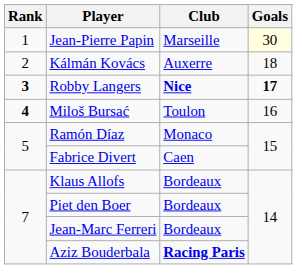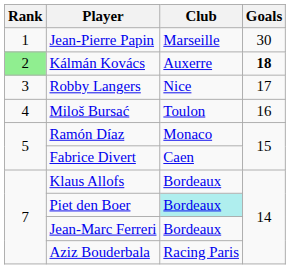 <table class="wikitable" style="text-align:center">
 <tr>
 <th>Rank</th>
 <th>Player</th>
 <th>Club</th>
 <th>Goals</th>
 </tr>
 <tr>
 <td>1</td>
 <td align="left"> <a href='#'>Jean-Pierre Papin</a></td>
 <td align="left"><a href='#'>Marseille</a></td>
-<td style="background: lightyellow;">30</td>
+<td>30</td>
 </tr>
 <tr>
-<td>2</td>
+<td style="background: lightgreen;">2</td>
 <td align="left"> <a href='#'>Kálmán Kovács</a></td>
 <td align="left"><a href='#'>Auxerre</a></td>
-<td>18</td>
+<td><strong>18</strong></td>
 </tr>
 <tr>
-<td><strong>3</strong></td>
+<td>3</td>
 <td align="left">  <a href='#'>Robby Langers</a></td>
-<td align="left"><strong><a href='#'>Nice</a></strong></td>
-<td><strong>17</strong></td>
+<td align="left"><a href='#'>Nice</a></td>
+<td>17</td>
 </tr>
 <tr>
-<td><strong>4</strong></td>
+<td>4</td>
 <td align="left"> <a href='#'>Miloš Bursać</a></td>
 <td align="left"><a href='#'>Toulon</a></td>
 <td>16</td>
 </tr>
 <tr>
 <td rowspan="2">5</td>
 <td align="left"> <a href='#'>Ramón Díaz</a></td>
 <td align="left"><a href='#'>Monaco</a></td>
 <td rowspan="2">15</td>
 </tr>
 <tr>
 <td align="left"> <a href='#'>Fabrice Divert</a></td>
 <td align="left"><a href='#'>Caen</a></td>
 </tr>
 <tr>
 <td rowspan="4">7</td>
 <td align="left"> <a href='#'>Klaus Allofs</a></td>
 <td align="left"><a href='#'>Bordeaux</a></td>
 <td rowspan="4">14</td>
 </tr>
 <tr>
 <td align="left"> <a href='#'>Piet den Boer</a></td>
-<td align="left"><a href='#'>Bordeaux</a></td>
+<td align="left" style="background: paleturquoise;"><a href='#'>Bordeaux</a></td>
 </tr>
 <tr>
 <td align="left"> <a href='#'>Jean-Marc Ferreri</a></td>
 <td align="left"><a href='#'>Bordeaux</a></td>
 </tr>
 <tr>
 <td align="left"> <a href='#'>Aziz Bouderbala</a></td>
-<td align="left"><strong><a href='#'>Racing Paris</a></strong></td>
+<td align="left"><a href='#'>Racing Paris</a></td>
 </tr>
 </table>
